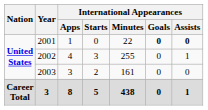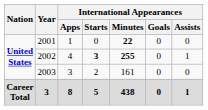 <table class="wikitable" style=font-size:90% text-align: center width=35%>
 <tr>
 <th rowspan=2 width=20%>Nation</th>
 <th rowspan=2 width=7%>Year</th>
 <th colspan=5 width=30%>International Appearances</th>
 </tr>
 <tr>
 <th align=center>Apps</th>
 <th align=center>Starts</th>
 <th align=center>Minutes</th>
 <th align=center>Goals</th>
 <th align=center>Assists</th>
 </tr>
 <tr>
 <td rowspan=3 align=center><strong><a href='#'>United States</a></strong></td>
 <td align=center>2001</td>
 <td align=center>1</td>
 <td align=center>0</td>
-<td align=center>22</td>
-<td align=center><strong>0</strong></td>
-<td align=center><strong>0</strong></td>
+<td align=center><strong>22</strong></td>
+<td align=center>0</td>
+<td align=center>0</td>
 </tr>
 <tr>
 <td align=center>2002</td>
 <td align=center>4</td>
-<td align=center>3</td>
-<td align=center>255</td>
+<td align=center><strong>3</strong></td>
+<td align=center><strong>255</strong></td>
 <td align=center>0</td>
 <td align=center>1</td>
 </tr>
 <tr>
 <td align=center>2003</td>
 <td align=center>3</td>
 <td align=center>2</td>
 <td align=center>161</td>
 <td align=center>0</td>
 <td align=center>0</td>
 </tr>
 <tr>
 <th style="background: #DCDCDC" align=center>Career Total</th>
 <th style="background: #DCDCDC" align=center>3</th>
 <th style="background: #DCDCDC" align=center>8</th>
 <th style="background: #DCDCDC" align=center>5</th>
 <th style="background: #DCDCDC" align=center>438</th>
 <th style="background: #DCDCDC" align=center>0</th>
 <th style="background: #DCDCDC" align=center>1</th>
 </tr>
 </table>
